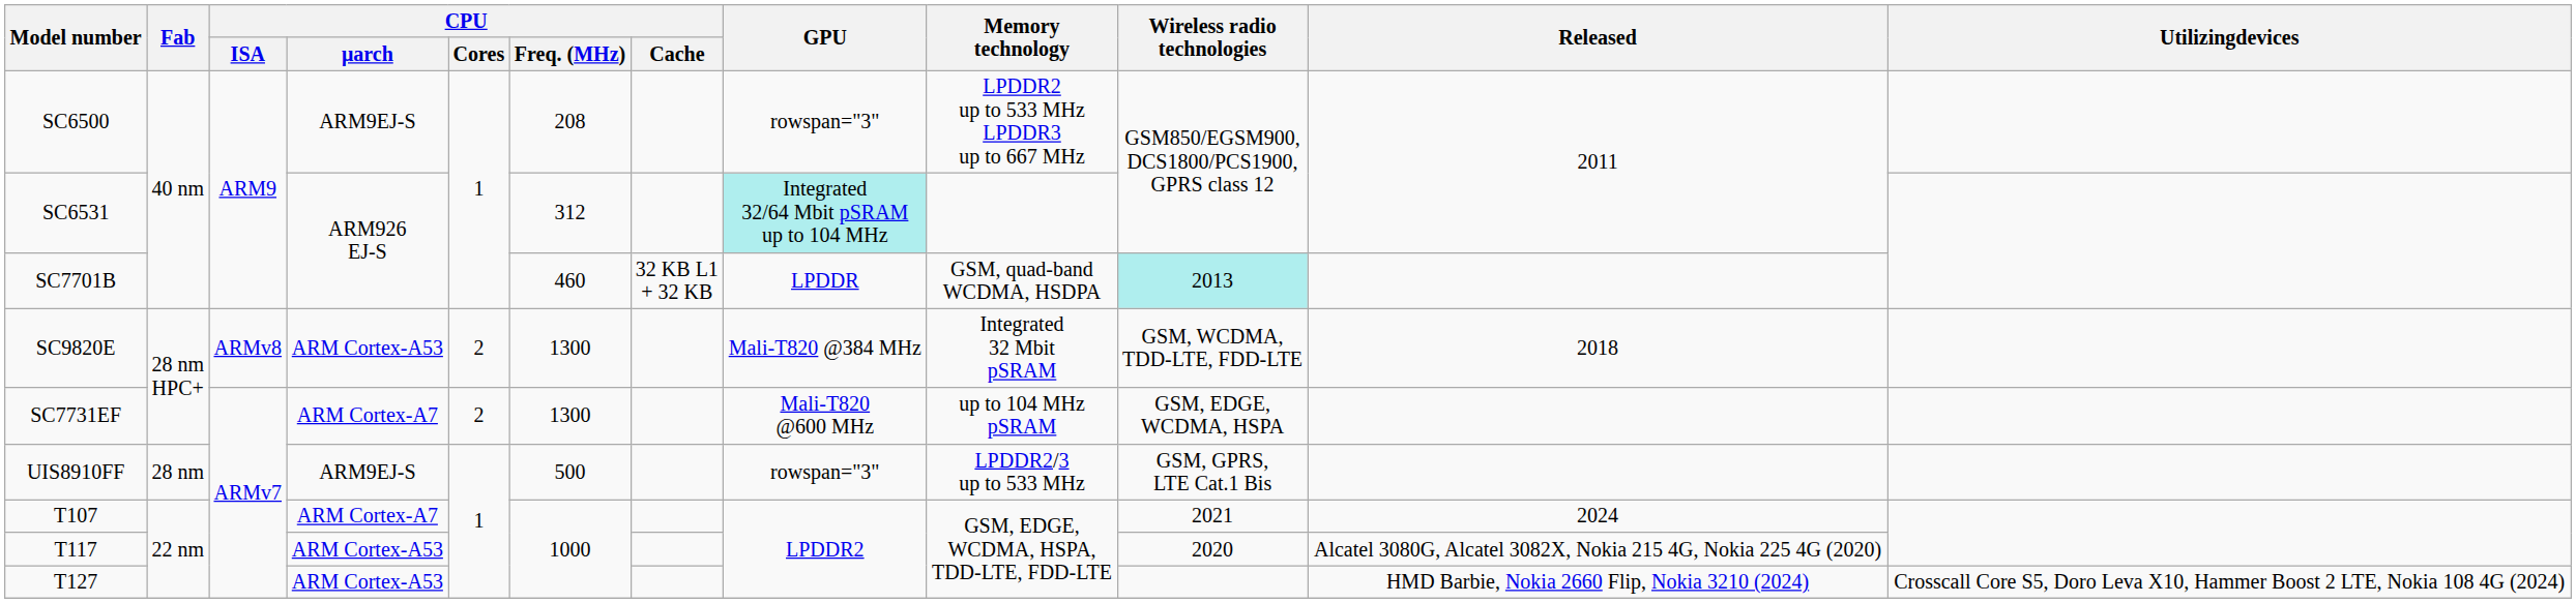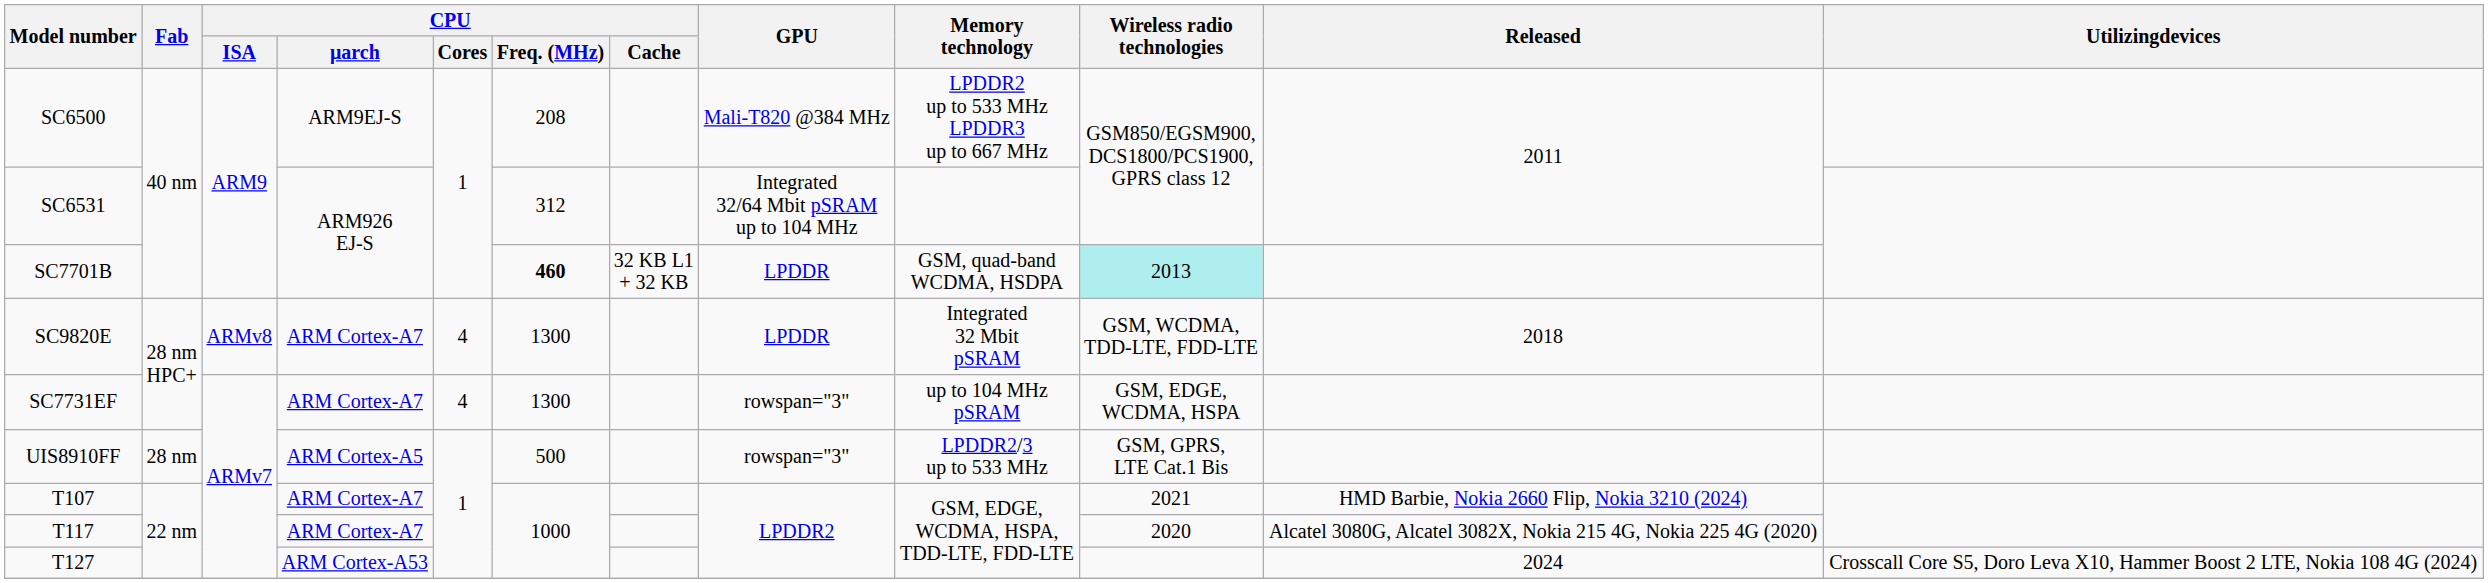 <table class="wikitable" style="width:100%; text-align:center">
 <tr>
 <th rowspan="2">Model number</th>
 <th rowspan="2"><a href='#'>Fab</a></th>
 <th colspan="5"><a href='#'>CPU</a></th>
 <th rowspan="2">GPU</th>
 <th rowspan="2">Memory <br>technology</th>
 <th rowspan="2">Wireless radio <br>technologies</th>
 <th rowspan="2">Released</th>
 <th rowspan="2">Utilizingdevices</th>
 </tr>
 <tr>
 <th><a href='#'>ISA</a></th>
 <th><a href='#'>μarch</a></th>
 <th>Cores</th>
 <th>Freq. (<a href='#'>MHz</a>)</th>
 <th>Cache</th>
 </tr>
 <tr>
 <td>SC6500</td>
 <td rowspan="3">40 nm</td>
 <td rowspan="3"><a href='#'>ARM9</a></td>
 <td>ARM9EJ-S</td>
 <td rowspan="3">1</td>
 <td>208</td>
 <td></td>
-<td>rowspan="3" </td>
+<td><a href='#'>Mali-T820</a> @384 MHz</td>
 <td><a href='#'>LPDDR2</a> <br>up to 533 MHz <br><a href='#'>LPDDR3</a> <br>up to 667 MHz</td>
 <td rowspan="2">GSM850/EGSM900, <br>DCS1800/PCS1900, <br>GPRS class 12</td>
 <td rowspan="2">2011</td>
 <td></td>
 </tr>
 <tr>
 <td>SC6531</td>
 <td rowspan="2">ARM926<br>EJ-S</td>
 <td>312</td>
 <td></td>
-<td style="background: paleturquoise;">Integrated <br>32/64 Mbit <a href='#'>pSRAM</a> <br>up to 104 MHz</td>
+<td>Integrated <br>32/64 Mbit <a href='#'>pSRAM</a> <br>up to 104 MHz</td>
 <td></td>
 </tr>
 <tr>
 <td>SC7701B</td>
-<td>460</td>
+<td><strong>460</strong></td>
 <td>32 KB L1 <br>+ 32 KB</td>
 <td><a href='#'>LPDDR</a></td>
 <td>GSM, quad-band <br>WCDMA, HSDPA</td>
 <td style="background: paleturquoise;">2013</td>
 <td></td>
 </tr>
 <tr>
 <td>SC9820E</td>
 <td rowspan="2">28 nm <br>HPC+</td>
 <td><a href='#'>ARMv8</a></td>
-<td><a href='#'>ARM Cortex-A53</a></td>
-<td>2</td>
+<td><a href='#'>ARM Cortex-A7</a></td>
+<td>4</td>
 <td>1300</td>
 <td></td>
-<td><a href='#'>Mali-T820</a> @384 MHz</td>
+<td><a href='#'>LPDDR</a></td>
 <td>Integrated <br>32 Mbit <br><a href='#'>pSRAM</a></td>
 <td>GSM, WCDMA, <br>TDD-LTE, FDD-LTE</td>
 <td>2018</td>
 <td></td>
 </tr>
 <tr>
 <td>SC7731EF</td>
 <td rowspan="5"><a href='#'>ARMv7</a></td>
 <td><a href='#'>ARM Cortex-A7</a></td>
-<td>2</td>
+<td>4</td>
 <td>1300</td>
 <td></td>
-<td><a href='#'>Mali-T820</a> <br>@600 MHz</td>
+<td>rowspan="3" </td>
 <td>up to 104 MHz <br><a href='#'>pSRAM</a></td>
 <td>GSM, EDGE, <br>WCDMA, HSPA</td>
 <td></td>
 <td></td>
 </tr>
 <tr>
 <td>UIS8910FF</td>
 <td>28 nm</td>
-<td>ARM9EJ-S</td>
+<td><a href='#'>ARM Cortex-A5</a></td>
 <td rowspan="4">1</td>
 <td>500</td>
 <td></td>
 <td>rowspan="3" </td>
 <td><a href='#'>LPDDR2</a>/<a href='#'>3</a> <br>up to 533 MHz</td>
 <td>GSM, GPRS, <br>LTE Cat.1 Bis</td>
 <td></td>
 <td></td>
 </tr>
 <tr>
 <td>T107</td>
 <td rowspan="3">22 nm</td>
 <td><a href='#'>ARM Cortex-A7</a></td>
 <td rowspan="3">1000</td>
 <td></td>
 <td rowspan="3"><a href='#'>LPDDR2</a></td>
 <td rowspan="3">GSM, EDGE, <br>WCDMA, HSPA, <br>TDD-LTE, FDD-LTE</td>
 <td>2021</td>
-<td>2024</td>
+<td>HMD Barbie, <a href='#'>Nokia 2660</a> Flip, <a href='#'>Nokia 3210 (2024)</a></td>
 </tr>
 <tr>
 <td>T117</td>
-<td><a href='#'>ARM Cortex-A53</a></td>
+<td><a href='#'>ARM Cortex-A7</a></td>
 <td></td>
 <td>2020</td>
 <td>Alcatel 3080G, Alcatel 3082X, Nokia 215 4G, Nokia 225 4G (2020)</td>
 </tr>
 <tr>
 <td>T127</td>
 <td><a href='#'>ARM Cortex-A53</a></td>
 <td></td>
 <td></td>
-<td>HMD Barbie, <a href='#'>Nokia 2660</a> Flip, <a href='#'>Nokia 3210 (2024)</a></td>
+<td>2024</td>
 <td>Crosscall Core S5, Doro Leva X10, Hammer Boost 2 LTE, Nokia 108 4G (2024)</td>
 </tr>
 <tr>
 </tr>
 </table>
